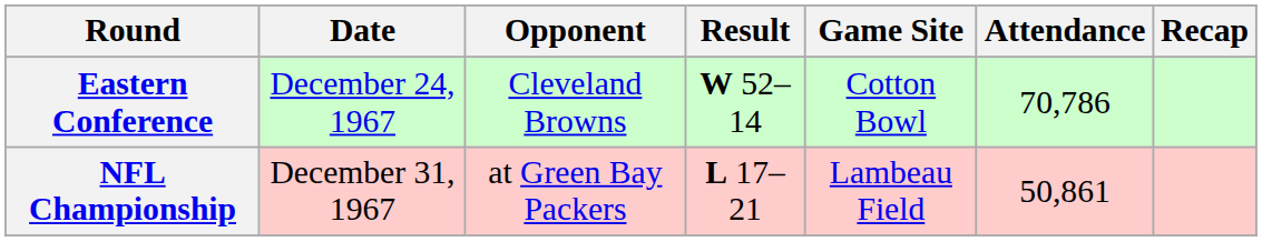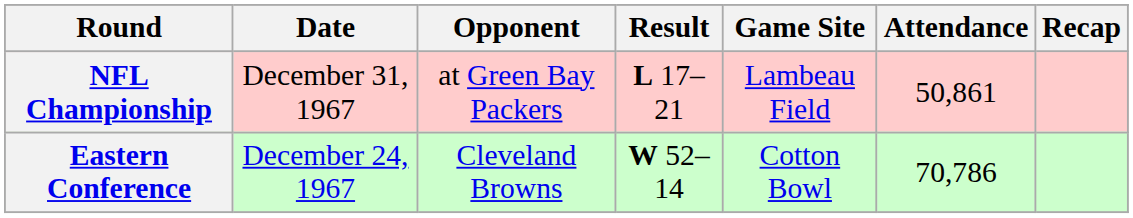 <table class="wikitable" style="text-align:center">
 <tr>
 <th>Round</th>
 <th>Date</th>
 <th>Opponent</th>
 <th>Result</th>
 <th>Game Site</th>
 <th>Attendance</th>
 <th>Recap</th>
 </tr>
+<tr style="background: #fcc">
+<th><a href='#'>NFL Championship</a></th>
+<td>December 31, 1967</td>
+<td>at <a href='#'>Green Bay Packers</a></td>
+<td><strong>L</strong> 17–21</td>
+<td><a href='#'>Lambeau Field</a></td>
+<td>50,861</td>
+<td></td>
+</tr>
 <tr style="background: #cfc">
 <th><a href='#'>Eastern Conference</a></th>
 <td><a href='#'>December 24, 1967</a></td>
 <td><a href='#'>Cleveland Browns</a></td>
 <td><strong>W</strong> 52–14</td>
 <td><a href='#'>Cotton Bowl</a></td>
 <td>70,786</td>
 <td></td>
 </tr>
-<tr style="background: #fcc">
-<th><a href='#'>NFL Championship</a></th>
-<td>December 31, 1967</td>
-<td>at <a href='#'>Green Bay Packers</a></td>
-<td><strong>L</strong> 17–21</td>
-<td><a href='#'>Lambeau Field</a></td>
-<td>50,861</td>
-<td></td>
-</tr>
 </table>
